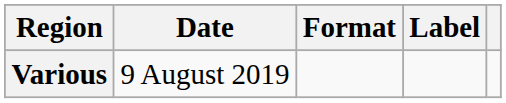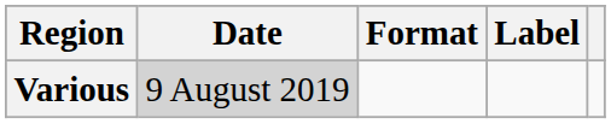 <table class="wikitable plainrowheaders">
 <tr>
 <th>Region</th>
 <th>Date</th>
 <th>Format</th>
 <th>Label</th>
 <th></th>
 </tr>
 <tr>
 <th scope="row" rowspan="2">Various</th>
-<td>9 August 2019</td>
+<td style="background: lightgrey;">9 August 2019</td>
 <td></td>
 <td></td>
 <td></td>
 </tr>
 </table>
